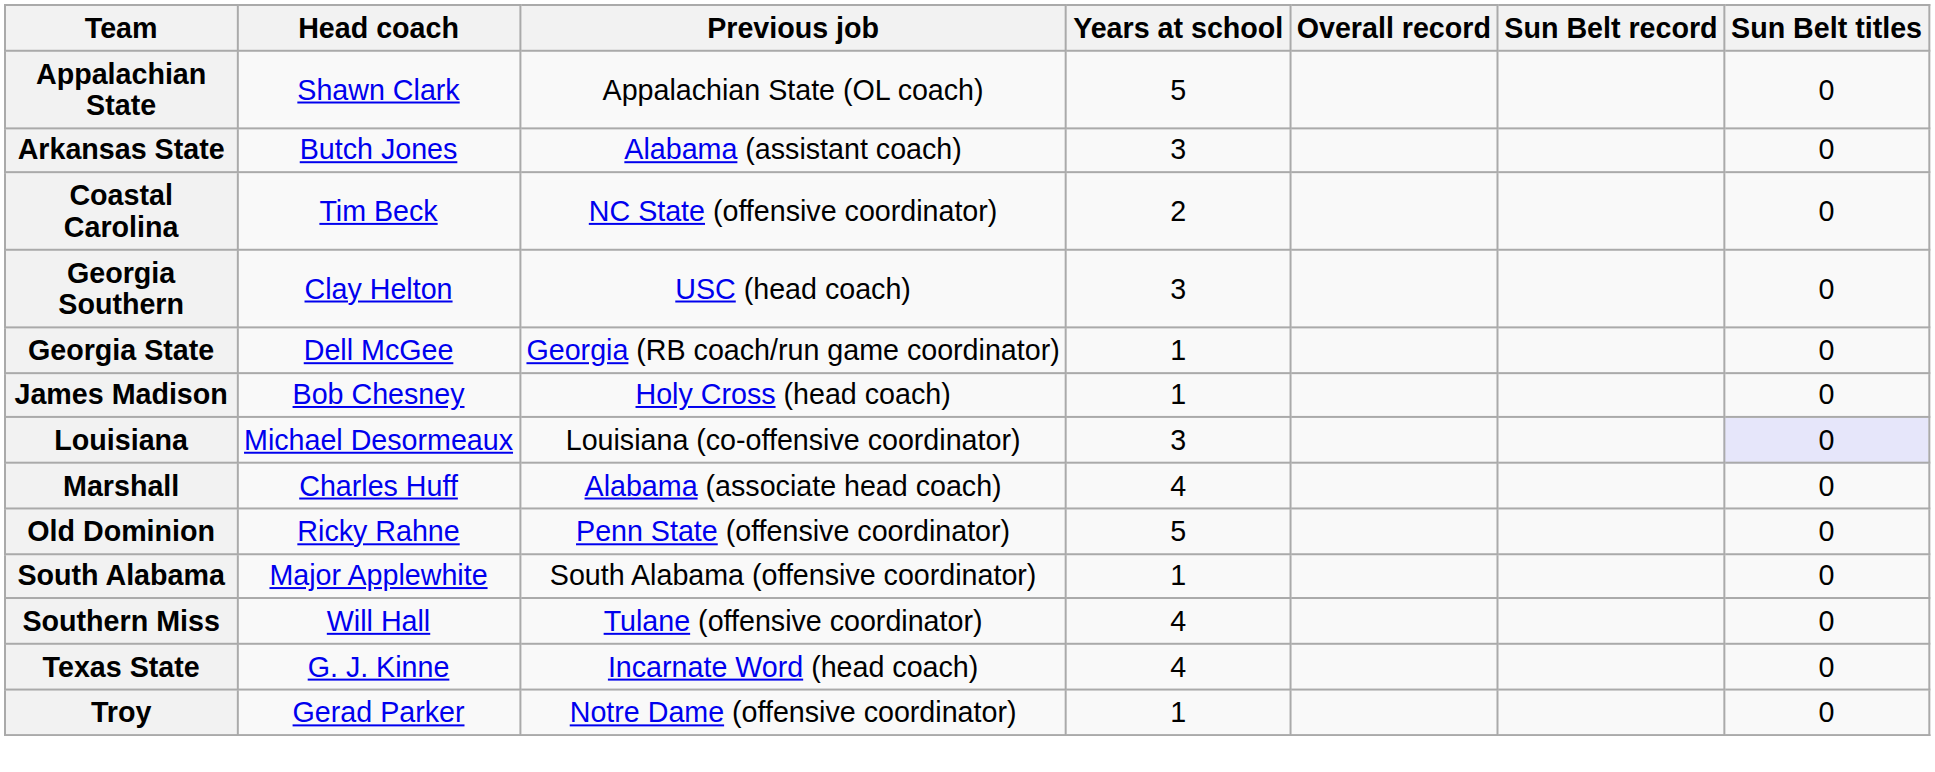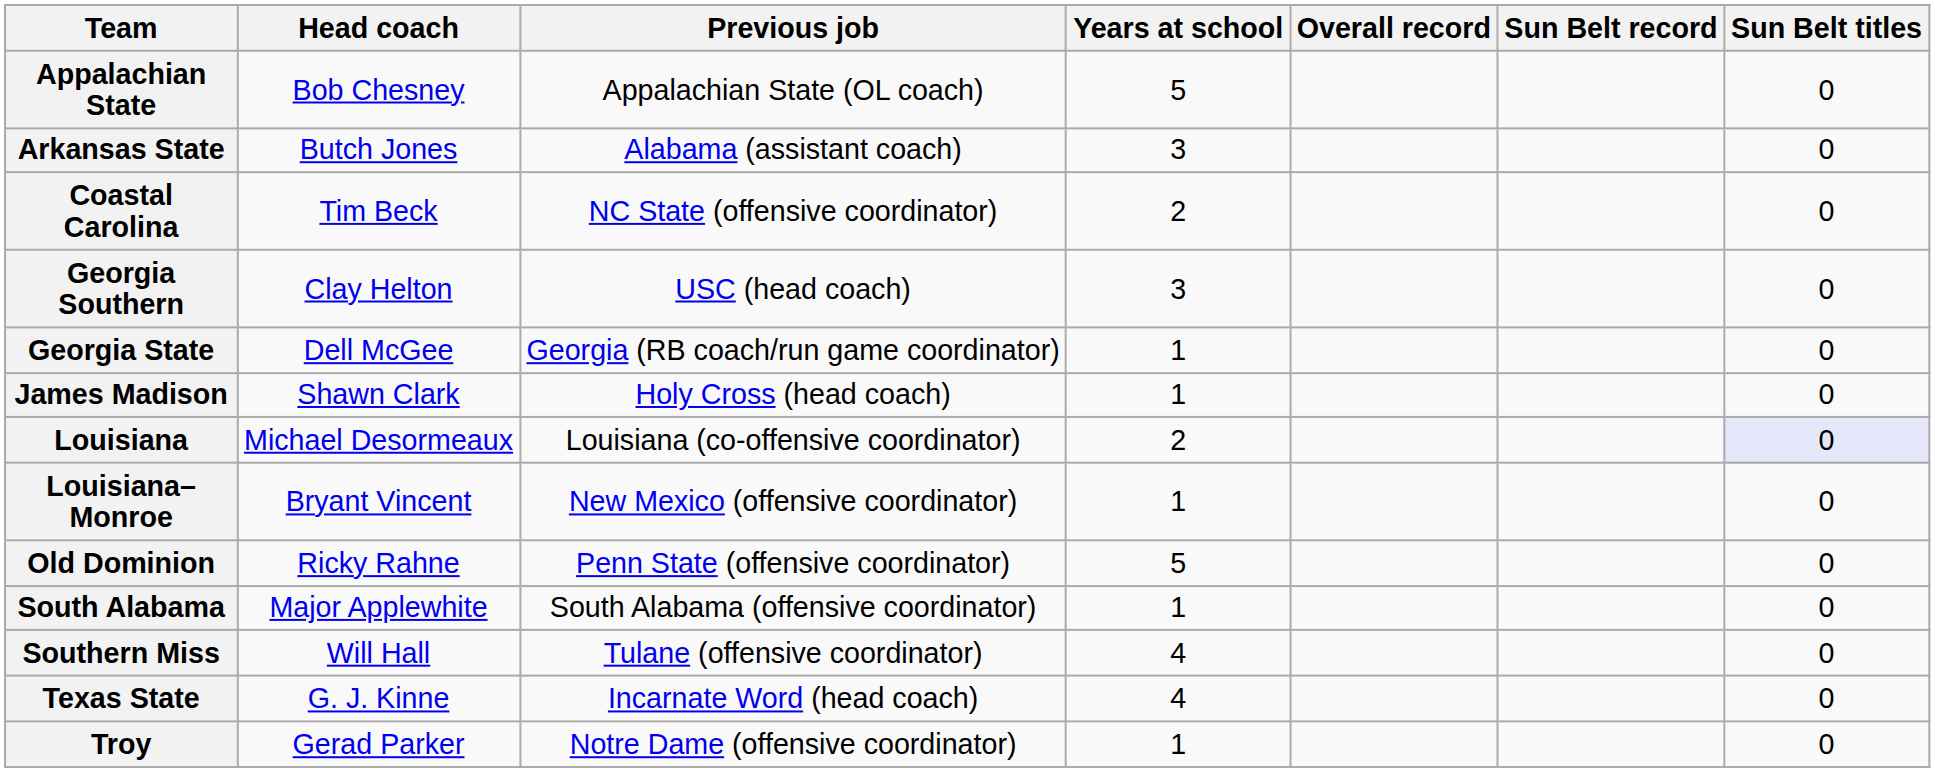 <table class="wikitable source" style="text-align: center;font-size:90%;">
 <tr>
 <th width="110">Team</th>
 <th>Head coach</th>
 <th>Previous job</th>
 <th>Years at school</th>
 <th>Overall record</th>
 <th>Sun Belt record</th>
 <th>Sun Belt titles</th>
 </tr>
 <tr>
 <th>Appalachian State</th>
-<td><a href='#'>Shawn Clark</a></td>
+<td><a href='#'>Bob Chesney</a></td>
 <td>Appalachian State (OL coach)</td>
 <td>5</td>
 <td></td>
 <td></td>
 <td>0</td>
 </tr>
 <tr>
 <th>Arkansas State</th>
 <td><a href='#'>Butch Jones</a></td>
 <td><a href='#'>Alabama</a> (assistant coach)</td>
 <td>3</td>
 <td></td>
 <td></td>
 <td>0</td>
 </tr>
 <tr>
 <th>Coastal Carolina</th>
 <td><a href='#'>Tim Beck</a></td>
 <td><a href='#'>NC State</a> (offensive coordinator)</td>
 <td>2</td>
 <td></td>
 <td></td>
 <td>0</td>
 </tr>
 <tr>
 <th>Georgia Southern</th>
 <td><a href='#'>Clay Helton</a></td>
 <td><a href='#'>USC</a> (head coach)</td>
 <td>3</td>
 <td></td>
 <td></td>
 <td>0</td>
 </tr>
 <tr>
 <th>Georgia State</th>
 <td><a href='#'>Dell McGee</a></td>
 <td><a href='#'>Georgia</a> (RB coach/run game coordinator)</td>
 <td>1</td>
 <td></td>
 <td></td>
 <td>0</td>
 </tr>
 <tr>
 <th>James Madison</th>
-<td><a href='#'>Bob Chesney</a></td>
+<td><a href='#'>Shawn Clark</a></td>
 <td><a href='#'>Holy Cross</a> (head coach)</td>
 <td>1</td>
 <td></td>
 <td></td>
 <td>0</td>
 </tr>
 <tr>
 <th>Louisiana</th>
 <td><a href='#'>Michael Desormeaux</a></td>
 <td>Louisiana (co-offensive coordinator)</td>
-<td>3</td>
+<td>2</td>
 <td></td>
 <td></td>
 <td style="background: lavender;">0</td>
 </tr>
 <tr>
-<th>Marshall</th>
-<td><a href='#'>Charles Huff</a></td>
-<td><a href='#'>Alabama</a> (associate head coach)</td>
-<td>4</td>
+<th>Louisiana–Monroe</th>
+<td><a href='#'>Bryant Vincent</a></td>
+<td><a href='#'>New Mexico</a> (offensive coordinator)</td>
+<td>1</td>
 <td></td>
 <td></td>
 <td>0</td>
 </tr>
 <tr>
 <th>Old Dominion</th>
 <td><a href='#'>Ricky Rahne</a></td>
 <td><a href='#'>Penn State</a> (offensive coordinator)</td>
 <td>5</td>
 <td></td>
 <td></td>
 <td>0</td>
 </tr>
 <tr>
 <th>South Alabama</th>
 <td><a href='#'>Major Applewhite</a></td>
 <td>South Alabama (offensive coordinator)</td>
 <td>1</td>
 <td></td>
 <td></td>
 <td>0</td>
 </tr>
 <tr>
 <th>Southern Miss</th>
 <td><a href='#'>Will Hall</a></td>
 <td><a href='#'>Tulane</a> (offensive coordinator)</td>
 <td>4</td>
 <td></td>
 <td></td>
 <td>0</td>
 </tr>
 <tr>
 <th>Texas State</th>
 <td><a href='#'>G. J. Kinne</a></td>
 <td><a href='#'>Incarnate Word</a> (head coach)</td>
 <td>4</td>
 <td></td>
 <td></td>
 <td>0</td>
 </tr>
 <tr>
 <th>Troy</th>
 <td><a href='#'>Gerad Parker</a></td>
 <td><a href='#'>Notre Dame</a> (offensive coordinator)</td>
 <td>1</td>
 <td></td>
 <td></td>
 <td>0</td>
 </tr>
 <tr>
 </tr>
 </table>
